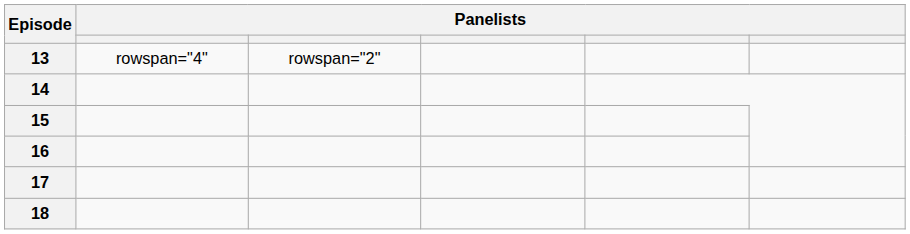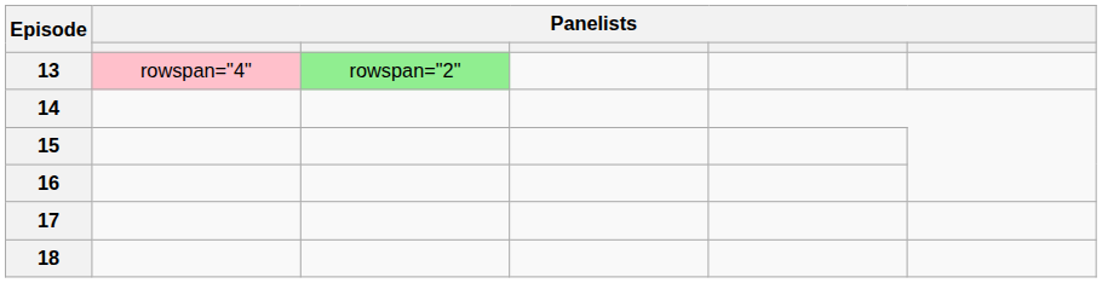 <table class="wikitable plainrowheaders mw-collapsible" style="text-align:center; line-height:23px; width:100%;">
 <tr>
 <th rowspan="2" width="1%">Episode</th>
 <th colspan="6">Panelists</th>
 </tr>
 <tr>
 <th width="20%"></th>
 <th width="20%"></th>
 <th width="20%"></th>
 <th width="20%"></th>
 <th width="20%"></th>
 </tr>
 <tr>
 <th>13</th>
-<td>rowspan="4"</td>
-<td>rowspan="2"</td>
+<td style="background: pink;">rowspan="4"</td>
+<td style="background: lightgreen;">rowspan="2"</td>
 <td></td>
 <td></td>
 <td></td>
 </tr>
 <tr>
 <th>14</th>
 <td></td>
 <td></td>
 <td></td>
 </tr>
 <tr>
 <th>15</th>
 <td></td>
 <td></td>
 <td></td>
 <td></td>
 </tr>
 <tr>
 <th>16</th>
 <td></td>
 <td></td>
 <td></td>
 <td></td>
 </tr>
 <tr>
 <th>17</th>
 <td></td>
 <td></td>
 <td></td>
 <td></td>
 <td></td>
 </tr>
 <tr>
 <th>18</th>
 <td></td>
 <td></td>
 <td></td>
 <td></td>
 <td></td>
 </tr>
 </table>
